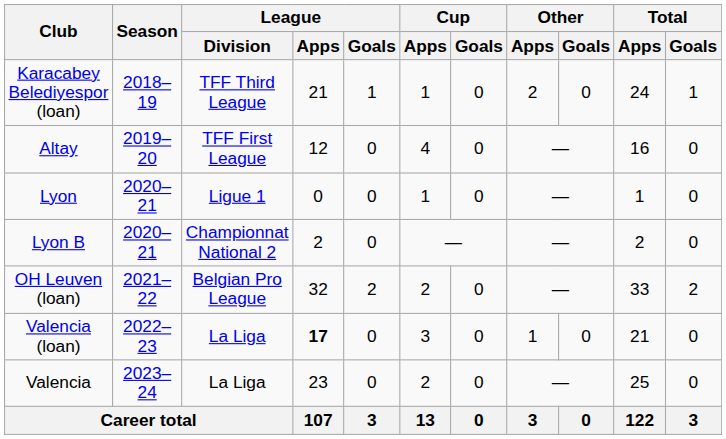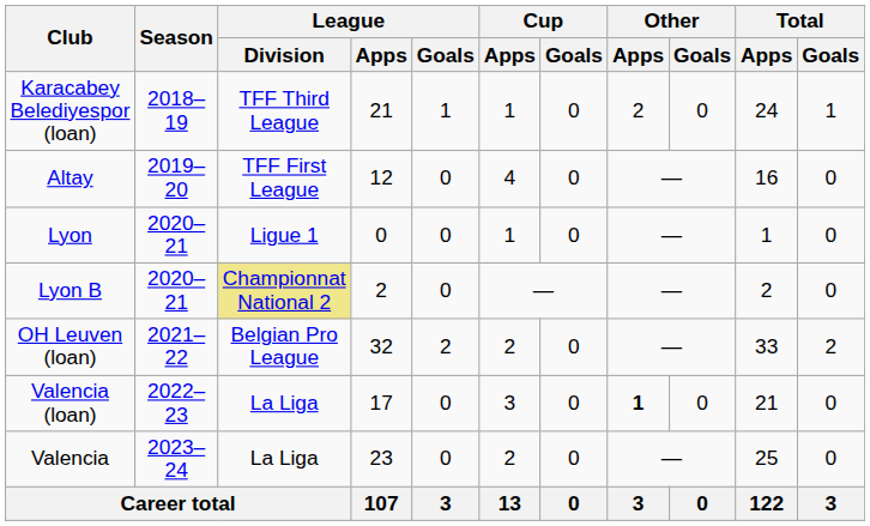 <table class="wikitable" style="text-align: center;">
 <tr>
 <th rowspan="2">Club</th>
 <th rowspan="2">Season</th>
 <th colspan="3">League</th>
 <th colspan="2">Cup</th>
 <th colspan="2">Other</th>
 <th colspan="2">Total</th>
 </tr>
 <tr>
 <th>Division</th>
 <th>Apps</th>
 <th>Goals</th>
 <th>Apps</th>
 <th>Goals</th>
 <th>Apps</th>
 <th>Goals</th>
 <th>Apps</th>
 <th>Goals</th>
 </tr>
 <tr>
 <td><a href='#'>Karacabey Belediyespor</a> (loan)</td>
 <td><a href='#'>2018–19</a></td>
 <td><a href='#'>TFF Third League</a></td>
 <td>21</td>
 <td>1</td>
 <td>1</td>
 <td>0</td>
 <td>2</td>
 <td>0</td>
 <td>24</td>
 <td>1</td>
 </tr>
 <tr>
 <td><a href='#'>Altay</a></td>
 <td><a href='#'>2019–20</a></td>
 <td><a href='#'>TFF First League</a></td>
 <td>12</td>
 <td>0</td>
 <td>4</td>
 <td>0</td>
 <td colspan="2">—</td>
 <td>16</td>
 <td>0</td>
 </tr>
 <tr>
 <td><a href='#'>Lyon</a></td>
 <td><a href='#'>2020–21</a></td>
 <td><a href='#'>Ligue 1</a></td>
 <td>0</td>
 <td>0</td>
 <td>1</td>
 <td>0</td>
 <td colspan="2">—</td>
 <td>1</td>
 <td>0</td>
 </tr>
 <tr>
 <td><a href='#'>Lyon B</a></td>
 <td><a href='#'>2020–21</a></td>
-<td><a href='#'>Championnat National 2</a></td>
+<td style="background: khaki;"><a href='#'>Championnat National 2</a></td>
 <td>2</td>
 <td>0</td>
 <td colspan="2">—</td>
 <td colspan="2">—</td>
 <td>2</td>
 <td>0</td>
 </tr>
 <tr>
 <td><a href='#'>OH Leuven</a> (loan)</td>
 <td><a href='#'>2021–22</a></td>
 <td><a href='#'>Belgian Pro League</a></td>
 <td>32</td>
 <td>2</td>
 <td>2</td>
 <td>0</td>
 <td colspan="2">—</td>
 <td>33</td>
 <td>2</td>
 </tr>
 <tr>
 <td><a href='#'>Valencia</a> (loan)</td>
 <td><a href='#'>2022–23</a></td>
 <td><a href='#'>La Liga</a></td>
-<td><strong>17</strong></td>
+<td>17</td>
 <td>0</td>
 <td>3</td>
 <td>0</td>
-<td>1</td>
+<td><strong>1</strong></td>
 <td>0</td>
 <td>21</td>
 <td>0</td>
 </tr>
 <tr>
 <td>Valencia</td>
 <td><a href='#'>2023–24</a></td>
 <td>La Liga</td>
 <td>23</td>
 <td>0</td>
 <td>2</td>
 <td>0</td>
 <td colspan="2">—</td>
 <td>25</td>
 <td>0</td>
 </tr>
 <tr>
 <th colspan="3">Career total</th>
 <th>107</th>
 <th>3</th>
 <th>13</th>
 <th>0</th>
 <th>3</th>
 <th>0</th>
 <th>122</th>
 <th>3</th>
 </tr>
 </table>
